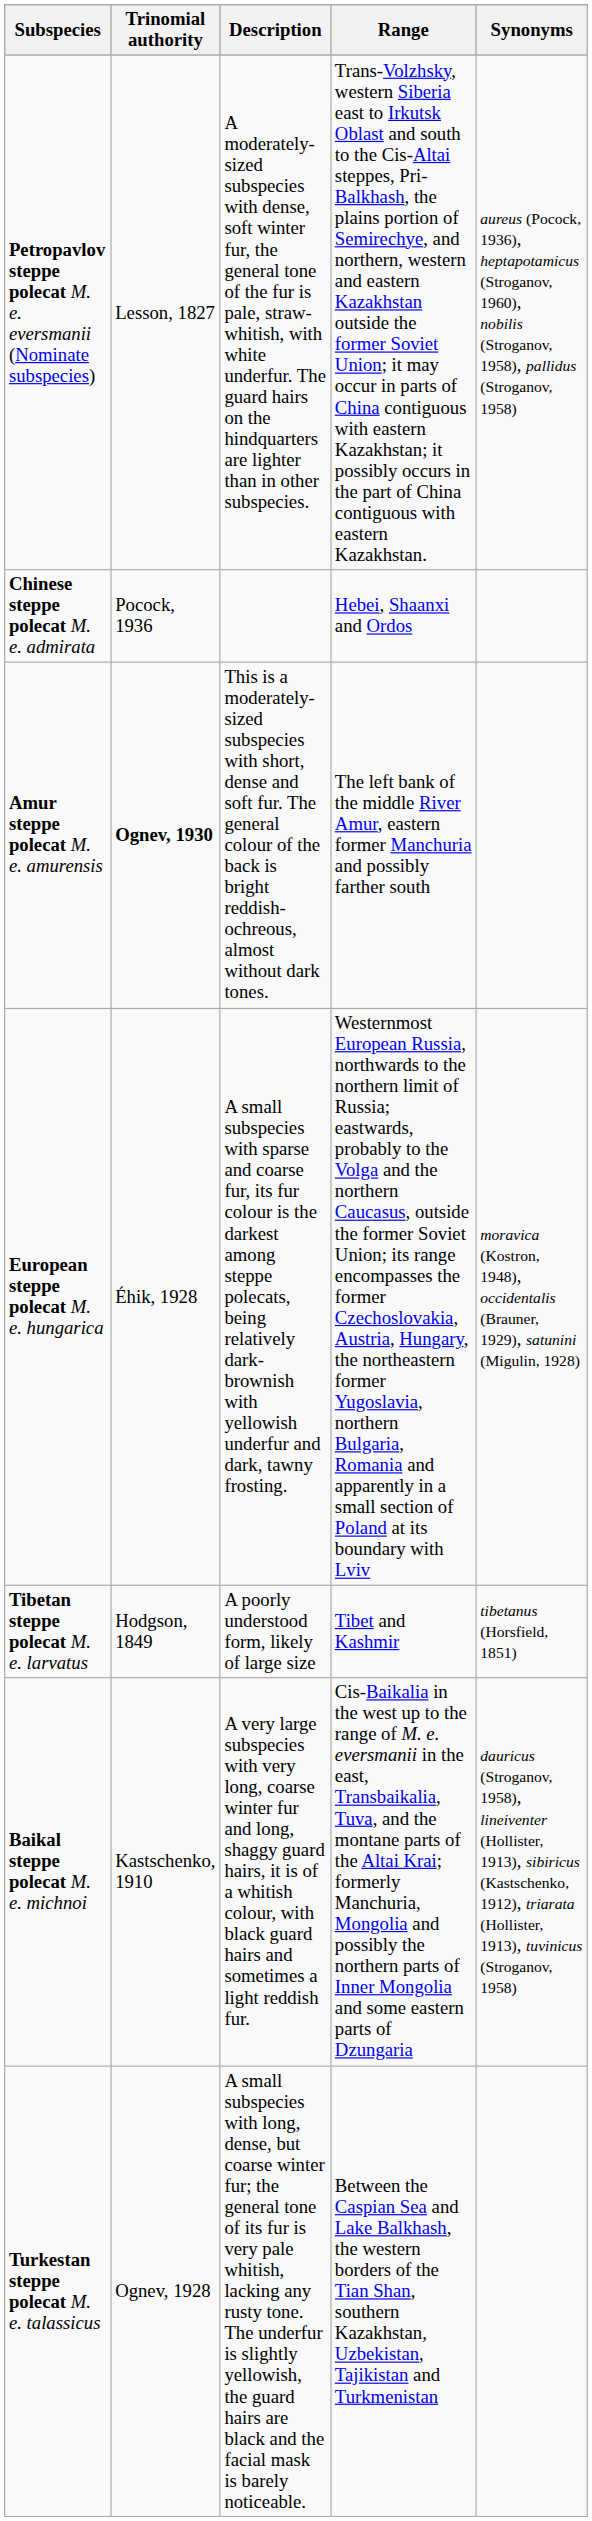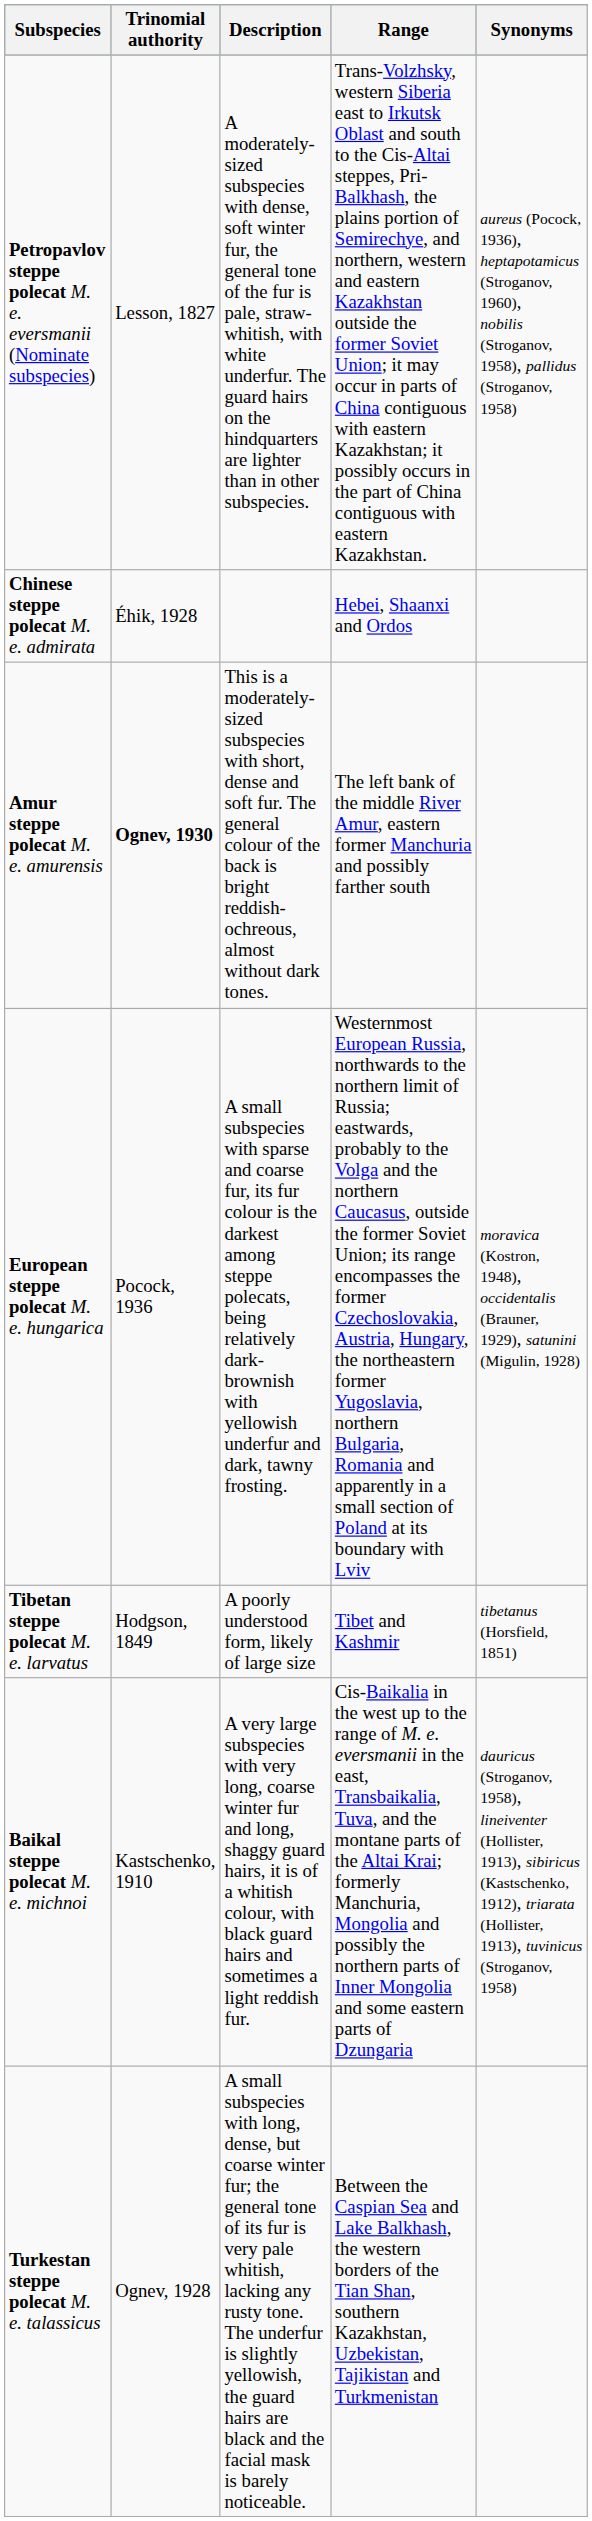 <table class="wikitable collapsible collapsed" width=80% font=90%>
 <tr style="background: #115a6c">
 <th>Subspecies</th>
 <th>Trinomial authority</th>
 <th>Description</th>
 <th>Range</th>
 <th>Synonyms</th>
 </tr>
 <tr --->
 <td><strong>Petropavlov steppe polecat</strong> <em>M. e. eversmanii</em><br>(<a href='#'>Nominate subspecies</a>)</td>
 <td>Lesson, 1827</td>
 <td>A moderately-sized subspecies with dense, soft winter fur, the general tone of the fur is pale, straw-whitish, with white underfur. The guard hairs on the hindquarters are lighter than in other subspecies.</td>
 <td>Trans-<a href='#'>Volzhsky</a>, western <a href='#'>Siberia</a> east to <a href='#'>Irkutsk Oblast</a> and south to the Cis-<a href='#'>Altai</a> steppes, Pri-<a href='#'>Balkhash</a>, the plains portion of <a href='#'>Semirechye</a>, and northern, western and eastern <a href='#'>Kazakhstan</a> outside the <a href='#'>former Soviet Union</a>; it may occur in parts of <a href='#'>China</a> contiguous with eastern Kazakhstan; it possibly occurs in the part of China contiguous with eastern Kazakhstan.</td>
 <td><small><em>aureus</em> (Pocock, 1936)</small>, <small><em>heptapotamicus</em> (Stroganov, 1960)</small>,<br><small><em>nobilis</em> (Stroganov, 1958)</small>,  <small><em>pallidus</em> (Stroganov, 1958)</small></td>
 </tr>
 <tr --->
 <td><strong>Chinese steppe polecat</strong> <em>M. e. admirata</em></td>
-<td>Pocock, 1936</td>
+<td>Éhik, 1928</td>
 <td></td>
 <td><a href='#'>Hebei</a>, <a href='#'>Shaanxi</a> and <a href='#'>Ordos</a></td>
 <td></td>
 </tr>
 <tr --->
 <td><strong>Amur steppe polecat</strong> <em>M. e. amurensis</em></td>
 <td><strong>Ognev, 1930</strong></td>
 <td>This is a moderately-sized subspecies with short, dense and soft fur. The general colour of the back is bright reddish-ochreous, almost without dark tones.</td>
 <td>The left bank of the middle <a href='#'>River Amur</a>, eastern former <a href='#'>Manchuria</a> and possibly farther south</td>
 <td></td>
 </tr>
 <tr --->
 <td><strong>European steppe polecat</strong> <em>M. e. hungarica</em></td>
-<td>Éhik, 1928</td>
+<td>Pocock, 1936</td>
 <td>A small subspecies with sparse and coarse fur, its fur colour is the darkest among steppe polecats, being relatively dark-brownish with yellowish underfur and dark, tawny frosting.</td>
 <td>Westernmost <a href='#'>European Russia</a>, northwards to the northern limit of Russia; eastwards, probably to the <a href='#'>Volga</a> and the northern <a href='#'>Caucasus</a>, outside the former Soviet Union; its range encompasses the former <a href='#'>Czechoslovakia</a>, <a href='#'>Austria</a>, <a href='#'>Hungary</a>,  the northeastern former <a href='#'>Yugoslavia</a>, northern <a href='#'>Bulgaria</a>, <a href='#'>Romania</a> and apparently in a small section of <a href='#'>Poland</a> at its boundary with <a href='#'>Lviv</a></td>
 <td><small><em>moravica</em> (Kostron, 1948)</small>, <small><em>occidentalis</em> (Brauner, 1929)</small>, <small><em>satunini</em> (Migulin, 1928)</small></td>
 </tr>
 <tr --->
 <td><strong>Tibetan steppe polecat</strong> <em>M. e. larvatus</em></td>
 <td>Hodgson, 1849</td>
 <td>A poorly understood form, likely of large size</td>
 <td><a href='#'>Tibet</a> and <a href='#'>Kashmir</a></td>
 <td><small><em>tibetanus</em> (Horsfield, 1851)</small></td>
 </tr>
 <tr --->
 <td><strong>Baikal steppe polecat</strong> <em>M. e. michnoi</em></td>
 <td>Kastschenko, 1910</td>
 <td>A very large subspecies with very long, coarse winter fur and long, shaggy guard hairs, it is of a whitish colour, with black guard hairs and sometimes a light reddish fur.</td>
 <td>Cis-<a href='#'>Baikalia</a> in the west up to the range of <em>M. e. eversmanii</em> in the east, <a href='#'>Transbaikalia</a>, <a href='#'>Tuva</a>, and the montane parts of the <a href='#'>Altai Krai</a>; formerly Manchuria, <a href='#'>Mongolia</a> and possibly the northern parts of <a href='#'>Inner Mongolia</a> and some eastern parts of <a href='#'>Dzungaria</a></td>
 <td><small><em>dauricus</em> (Stroganov, 1958)</small>, <small><em>lineiventer</em> (Hollister, 1913)</small>, <small><em>sibiricus</em> (Kastschenko, 1912)</small>, <small><em>triarata</em> (Hollister, 1913)</small>, <small><em>tuvinicus</em> (Stroganov, 1958)</small></td>
 </tr>
 <tr --->
 <td><strong>Turkestan steppe polecat</strong> <em>M. e. talassicus</em></td>
 <td>Ognev, 1928</td>
 <td>A small subspecies with long, dense, but coarse winter fur; the general tone of its fur is very pale whitish, lacking any rusty tone. The underfur is slightly yellowish, the guard hairs are black and the facial mask is barely noticeable.</td>
 <td>Between the <a href='#'>Caspian Sea</a> and <a href='#'>Lake Balkhash</a>, the western borders of the <a href='#'>Tian Shan</a>, southern Kazakhstan, <a href='#'>Uzbekistan</a>, <a href='#'>Tajikistan</a> and <a href='#'>Turkmenistan</a></td>
 <td></td>
 </tr>
 <tr --->
 </tr>
 </table>
